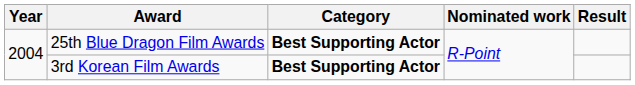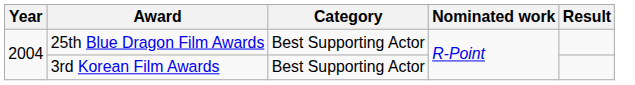 <table class="wikitable">
 <tr>
 <th width=10>Year</th>
 <th>Award</th>
 <th>Category</th>
 <th>Nominated work</th>
 <th>Result</th>
 </tr>
 <tr>
 <td rowspan=2>2004</td>
 <td>25th <a href='#'>Blue Dragon Film Awards</a></td>
-<td><strong>Best Supporting Actor</strong></td>
+<td>Best Supporting Actor</td>
 <td rowspan=2><em><a href='#'>R-Point</a></em></td>
 <td></td>
 </tr>
 <tr>
 <td>3rd <a href='#'>Korean Film Awards</a></td>
-<td><strong>Best Supporting Actor</strong></td>
+<td>Best Supporting Actor</td>
 <td></td>
 </tr>
 </table>
